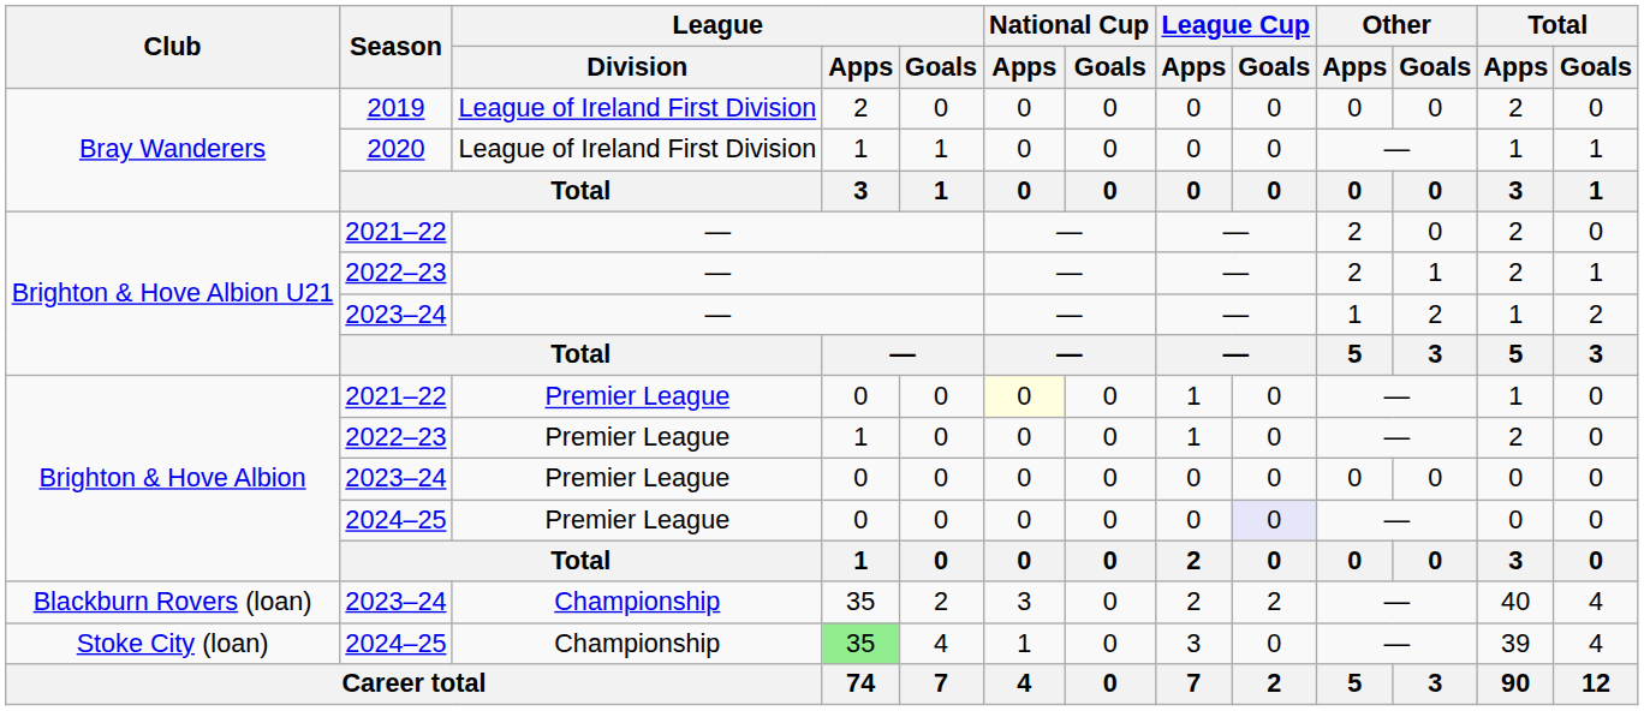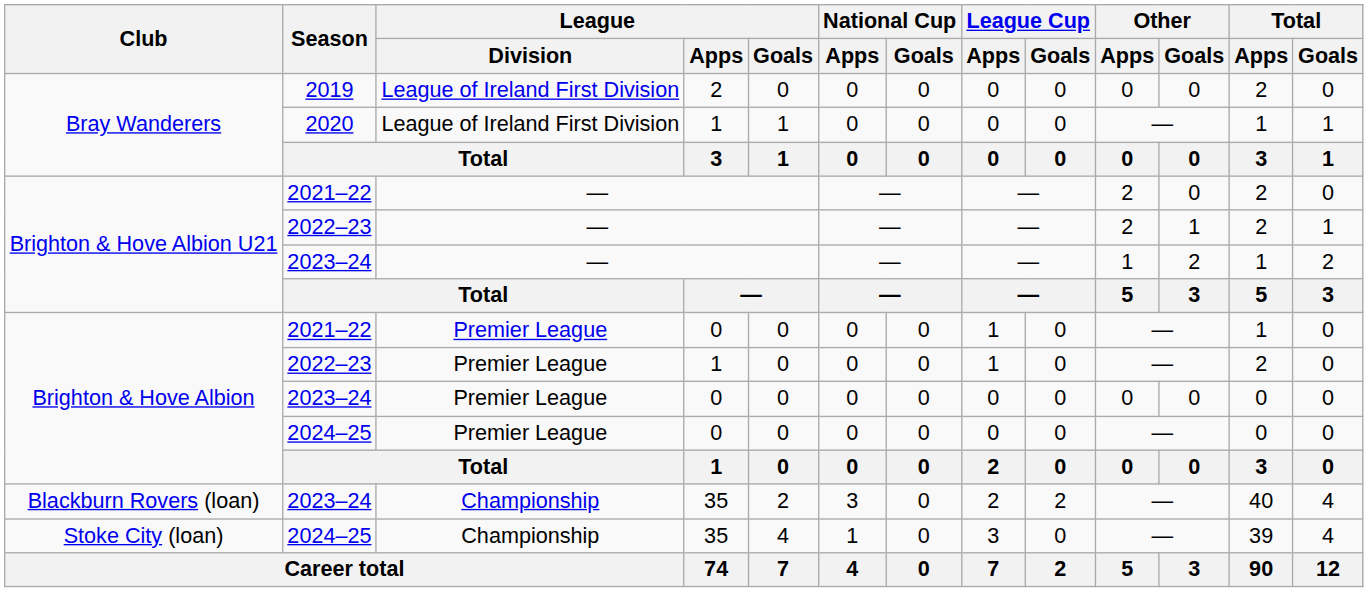 <table class="wikitable" style="text-align:center">
 <tr>
 <th rowspan="2">Club</th>
 <th rowspan="2">Season</th>
 <th colspan="3">League</th>
 <th colspan="2">National Cup</th>
 <th colspan="2"><a href='#'>League Cup</a></th>
 <th colspan="2">Other</th>
 <th colspan="2">Total</th>
 </tr>
 <tr>
 <th>Division</th>
 <th>Apps</th>
 <th>Goals</th>
 <th>Apps</th>
 <th>Goals</th>
 <th>Apps</th>
 <th>Goals</th>
 <th>Apps</th>
 <th>Goals</th>
 <th>Apps</th>
 <th>Goals</th>
 </tr>
 <tr>
 <td rowspan="3"><a href='#'>Bray Wanderers</a></td>
 <td><a href='#'>2019</a></td>
 <td><a href='#'>League of Ireland First Division</a></td>
 <td>2</td>
 <td>0</td>
 <td>0</td>
 <td>0</td>
 <td>0</td>
 <td>0</td>
 <td>0</td>
 <td>0</td>
 <td>2</td>
 <td>0</td>
 </tr>
 <tr>
 <td><a href='#'>2020</a></td>
 <td>League of Ireland First Division</td>
 <td>1</td>
 <td>1</td>
 <td>0</td>
 <td>0</td>
 <td>0</td>
 <td>0</td>
 <td colspan="2">—</td>
 <td>1</td>
 <td>1</td>
 </tr>
 <tr>
 <th colspan="2">Total</th>
 <th>3</th>
 <th>1</th>
 <th>0</th>
 <th>0</th>
 <th>0</th>
 <th>0</th>
 <th>0</th>
 <th>0</th>
 <th>3</th>
 <th>1</th>
 </tr>
 <tr>
 <td rowspan="4"><a href='#'>Brighton & Hove Albion U21</a></td>
 <td><a href='#'>2021–22</a></td>
 <td colspan="3">—</td>
 <td colspan="2">—</td>
 <td colspan="2">—</td>
 <td>2</td>
 <td>0</td>
 <td>2</td>
 <td>0</td>
 </tr>
 <tr>
 <td><a href='#'>2022–23</a></td>
 <td colspan="3">—</td>
 <td colspan="2">—</td>
 <td colspan="2">—</td>
 <td>2</td>
 <td>1</td>
 <td>2</td>
 <td>1</td>
 </tr>
 <tr>
 <td><a href='#'>2023–24</a></td>
 <td colspan="3">—</td>
 <td colspan="2">—</td>
 <td colspan="2">—</td>
 <td>1</td>
 <td>2</td>
 <td>1</td>
 <td>2</td>
 </tr>
 <tr>
 <th colspan=2>Total</th>
 <th colspan=2>—</th>
 <th colspan=2>—</th>
 <th colspan=2>—</th>
 <th>5</th>
 <th>3</th>
 <th>5</th>
 <th>3</th>
 </tr>
 <tr>
 <td rowspan="5"><a href='#'>Brighton & Hove Albion</a></td>
 <td><a href='#'>2021–22</a></td>
 <td><a href='#'>Premier League</a></td>
 <td>0</td>
 <td>0</td>
-<td style="background: lightyellow;">0</td>
+<td>0</td>
 <td>0</td>
 <td>1</td>
 <td>0</td>
 <td colspan="2">—</td>
 <td>1</td>
 <td>0</td>
 </tr>
 <tr>
 <td><a href='#'>2022–23</a></td>
 <td>Premier League</td>
 <td>1</td>
 <td>0</td>
 <td>0</td>
 <td>0</td>
 <td>1</td>
 <td>0</td>
 <td colspan="2">—</td>
 <td>2</td>
 <td>0</td>
 </tr>
 <tr>
 <td><a href='#'>2023–24</a></td>
 <td>Premier League</td>
 <td>0</td>
 <td>0</td>
 <td>0</td>
 <td>0</td>
 <td>0</td>
 <td>0</td>
 <td>0</td>
 <td>0</td>
 <td>0</td>
 <td>0</td>
 </tr>
 <tr>
 <td><a href='#'>2024–25</a></td>
 <td>Premier League</td>
 <td>0</td>
 <td>0</td>
 <td>0</td>
 <td>0</td>
 <td>0</td>
-<td style="background: lavender;">0</td>
+<td>0</td>
 <td colspan="2">—</td>
 <td>0</td>
 <td>0</td>
 </tr>
 <tr>
 <th colspan="2">Total</th>
 <th>1</th>
 <th>0</th>
 <th>0</th>
 <th>0</th>
 <th>2</th>
 <th>0</th>
 <th>0</th>
 <th>0</th>
 <th>3</th>
 <th>0</th>
 </tr>
 <tr>
 <td><a href='#'>Blackburn Rovers</a> (loan)</td>
 <td><a href='#'>2023–24</a></td>
 <td><a href='#'>Championship</a></td>
 <td>35</td>
 <td>2</td>
 <td>3</td>
 <td>0</td>
 <td>2</td>
 <td>2</td>
 <td colspan="2">—</td>
 <td>40</td>
 <td>4</td>
 </tr>
 <tr>
 <td><a href='#'>Stoke City</a> (loan)</td>
 <td><a href='#'>2024–25</a></td>
 <td>Championship</td>
-<td style="background: lightgreen;">35</td>
+<td>35</td>
 <td>4</td>
 <td>1</td>
 <td>0</td>
 <td>3</td>
 <td>0</td>
 <td colspan="2">—</td>
 <td>39</td>
 <td>4</td>
 </tr>
 <tr>
 <th colspan="3">Career total</th>
 <th>74</th>
 <th>7</th>
 <th>4</th>
 <th>0</th>
 <th>7</th>
 <th>2</th>
 <th>5</th>
 <th>3</th>
 <th>90</th>
 <th>12</th>
 </tr>
 </table>
